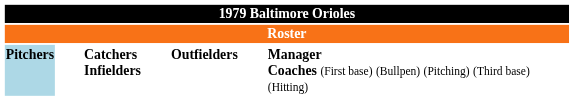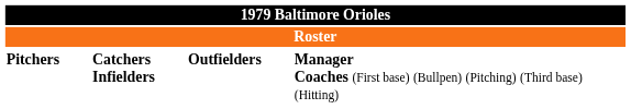 <table class="toccolours" style="font-size: 95%;">
 <tr>
 <th colspan="10" style="background-color: black; color: white; text-align: center;">1979 Baltimore Orioles</th>
 </tr>
 <tr>
 <td colspan="10" style="background-color: #F87217; color: white; text-align: center;"><strong>Roster</strong></td>
 </tr>
 <tr>
-<td valign="top" style="background: lightblue;"><strong>Pitchers</strong><br>           </td>
+<td valign="top"><strong>Pitchers</strong><br>           </td>
 <td width="25px"></td>
 <td valign="top"><strong>Catchers</strong><br>   <strong>Infielders</strong>          </td>
 <td width="25px"></td>
 <td valign="top"><strong>Outfielders</strong><br>        </td>
 <td width="25px"></td>
 <td valign="top"><strong>Manager</strong><br> <strong>Coaches</strong>  <small>(First base)</small>  <small>(Bullpen)</small>  <small>(Pitching)</small>  <small>(Third base)</small>  <small>(Hitting)</small></td>
 </tr>
 <tr>
 </tr>
 </table>
